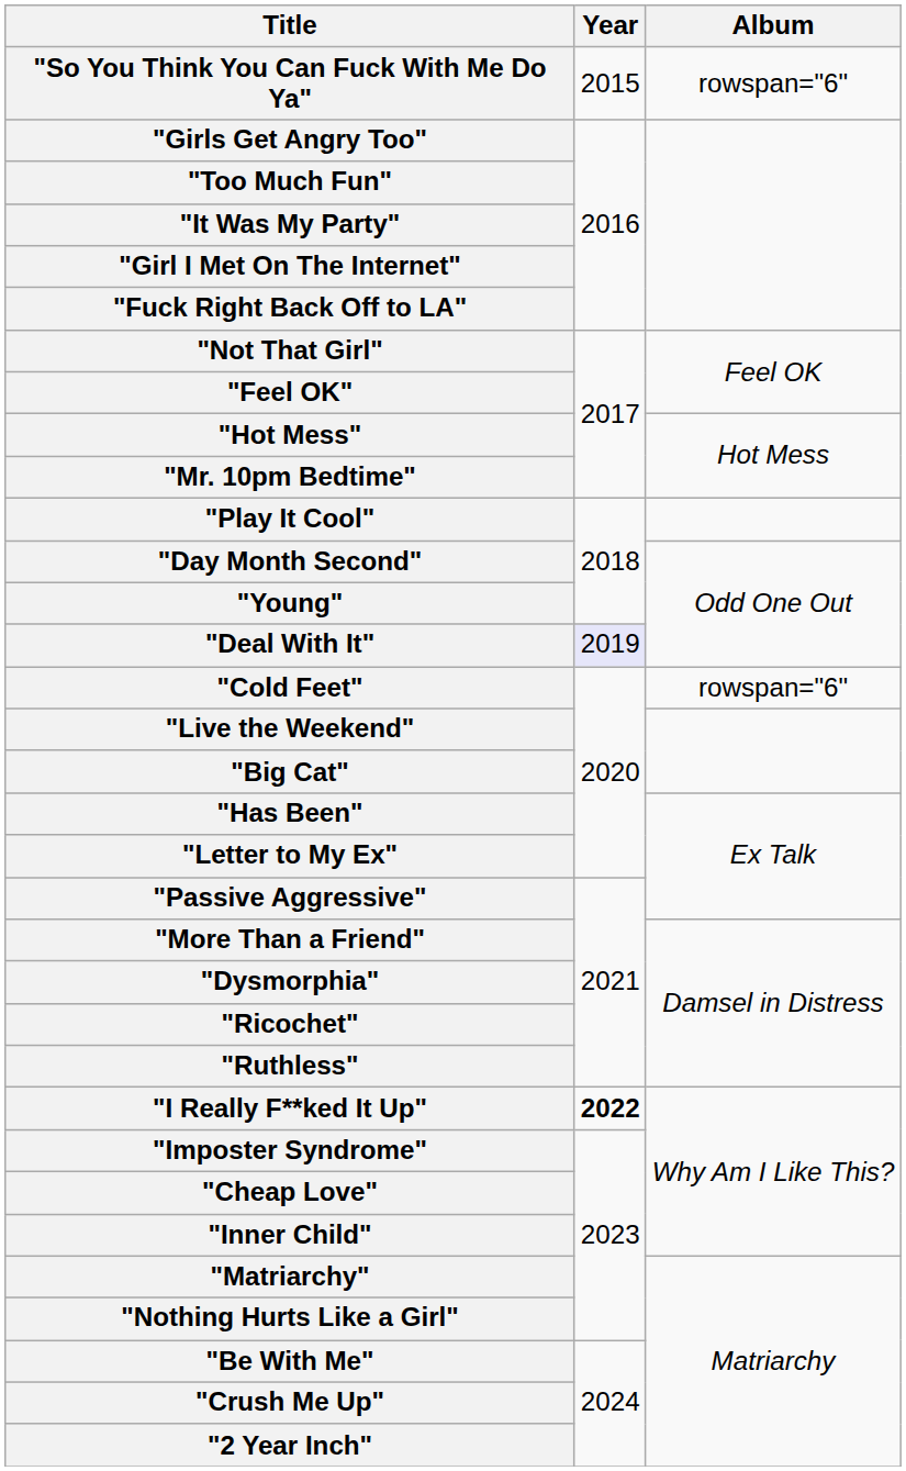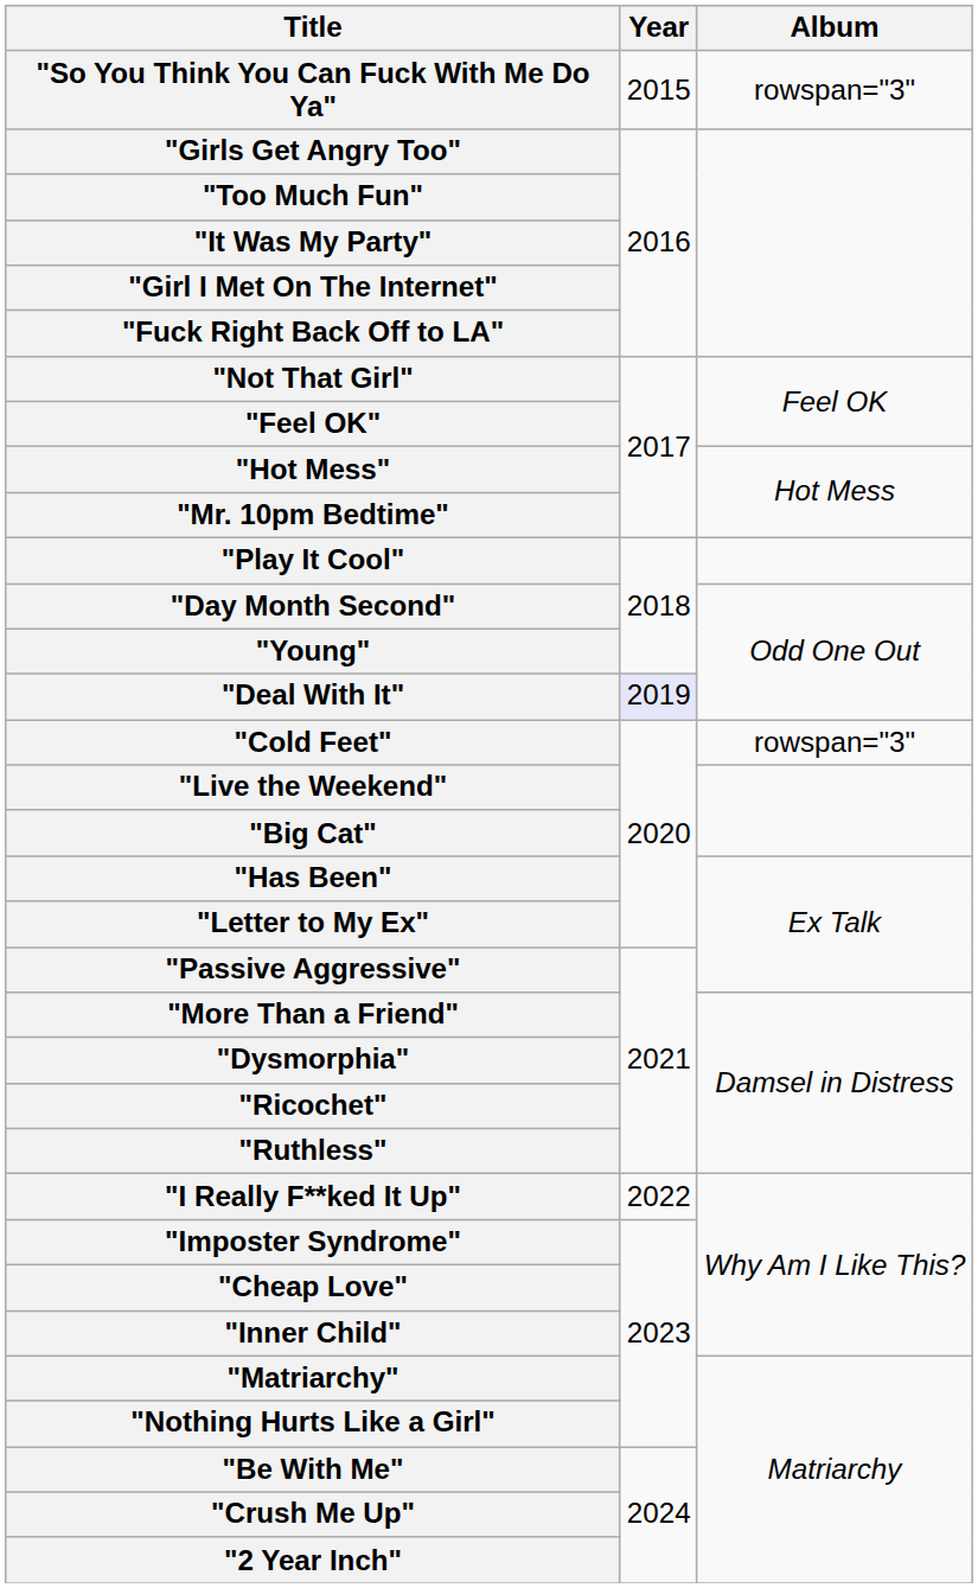 <table class="wikitable plainrowheaders" style="text-align:center;">
 <tr>
 <th scope="col" style="width:21em;">Title</th>
 <th scope="col" style="width:1em;">Year</th>
 <th scope="col">Album</th>
 </tr>
 <tr>
 <th scope="row">"So You Think You Can Fuck With Me Do Ya"</th>
 <td>2015</td>
-<td>rowspan="6" </td>
+<td>rowspan="3" </td>
 </tr>
 <tr>
 <th scope="row">"Girls Get Angry Too"</th>
 <td rowspan="5">2016</td>
 </tr>
 <tr>
 <th scope="row">"Too Much Fun"</th>
 </tr>
 <tr>
 <th scope="row">"It Was My Party"</th>
 </tr>
 <tr>
 <th scope="row">"Girl I Met On The Internet"</th>
 </tr>
 <tr>
 <th scope="row">"Fuck Right Back Off to LA"</th>
 </tr>
 <tr>
 <th scope="row">"Not That Girl"</th>
 <td rowspan="4">2017</td>
 <td rowspan="2"><em>Feel OK</em></td>
 </tr>
 <tr>
 <th scope="row">"Feel OK"<br></th>
 </tr>
 <tr>
 <th scope="row">"Hot Mess"</th>
 <td rowspan="2"><em>Hot Mess</em></td>
 </tr>
 <tr>
 <th scope="row">"Mr. 10pm Bedtime"<br></th>
 </tr>
 <tr>
 <th scope="row">"Play It Cool"</th>
 <td rowspan="3">2018</td>
 <td></td>
 </tr>
 <tr>
 <th scope="row">"Day Month Second"</th>
 <td rowspan="3"><em>Odd One Out</em></td>
 </tr>
 <tr>
 <th scope="row">"Young"</th>
 </tr>
 <tr>
 <th scope="row">"Deal With It"</th>
 <td style="background: lavender;">2019</td>
 </tr>
 <tr>
 <th scope="row">"Cold Feet"<br></th>
 <td rowspan="5">2020</td>
-<td>rowspan="6" </td>
+<td>rowspan="3" </td>
 </tr>
 <tr>
 <th scope="row">"Live the Weekend"<br></th>
 </tr>
 <tr>
 <th scope="row">"Big Cat"<br></th>
 </tr>
 <tr>
 <th scope="row">"Has Been"</th>
 <td rowspan="3"><em>Ex Talk</em></td>
 </tr>
 <tr>
 <th scope="row">"Letter to My Ex"</th>
 </tr>
 <tr>
 <th scope="row">"Passive Aggressive"</th>
 <td rowspan="5">2021</td>
 </tr>
 <tr>
 <th scope="row">"More Than a Friend"</th>
 <td rowspan="4"><em>Damsel in Distress</em></td>
 </tr>
 <tr>
 <th scope="row">"Dysmorphia"</th>
 </tr>
 <tr>
 <th scope="row">"Ricochet"</th>
 </tr>
 <tr>
 <th scope="row">"Ruthless"</th>
 </tr>
 <tr>
 <th scope="row">"I Really F**ked It Up"</th>
-<td><strong>2022</strong></td>
+<td>2022</td>
 <td rowspan="4"><em>Why Am I Like This?</em></td>
 </tr>
 <tr>
 <th scope="row">"Imposter Syndrome"</th>
 <td rowspan="5">2023</td>
 </tr>
 <tr>
 <th scope="row">"Cheap Love"</th>
 </tr>
 <tr>
 <th scope="row">"Inner Child"</th>
 </tr>
 <tr>
 <th scope="row">"Matriarchy"</th>
 <td rowspan="5"><em>Matriarchy</em></td>
 </tr>
 <tr>
 <th scope="row">"Nothing Hurts Like a Girl"</th>
 </tr>
 <tr>
 <th scope="row">"Be With Me"</th>
 <td rowspan="3">2024</td>
 </tr>
 <tr>
 <th scope="row">"Crush Me Up"</th>
 </tr>
 <tr>
 <th scope="row">"2 Year Inch"</th>
 </tr>
 </table>
